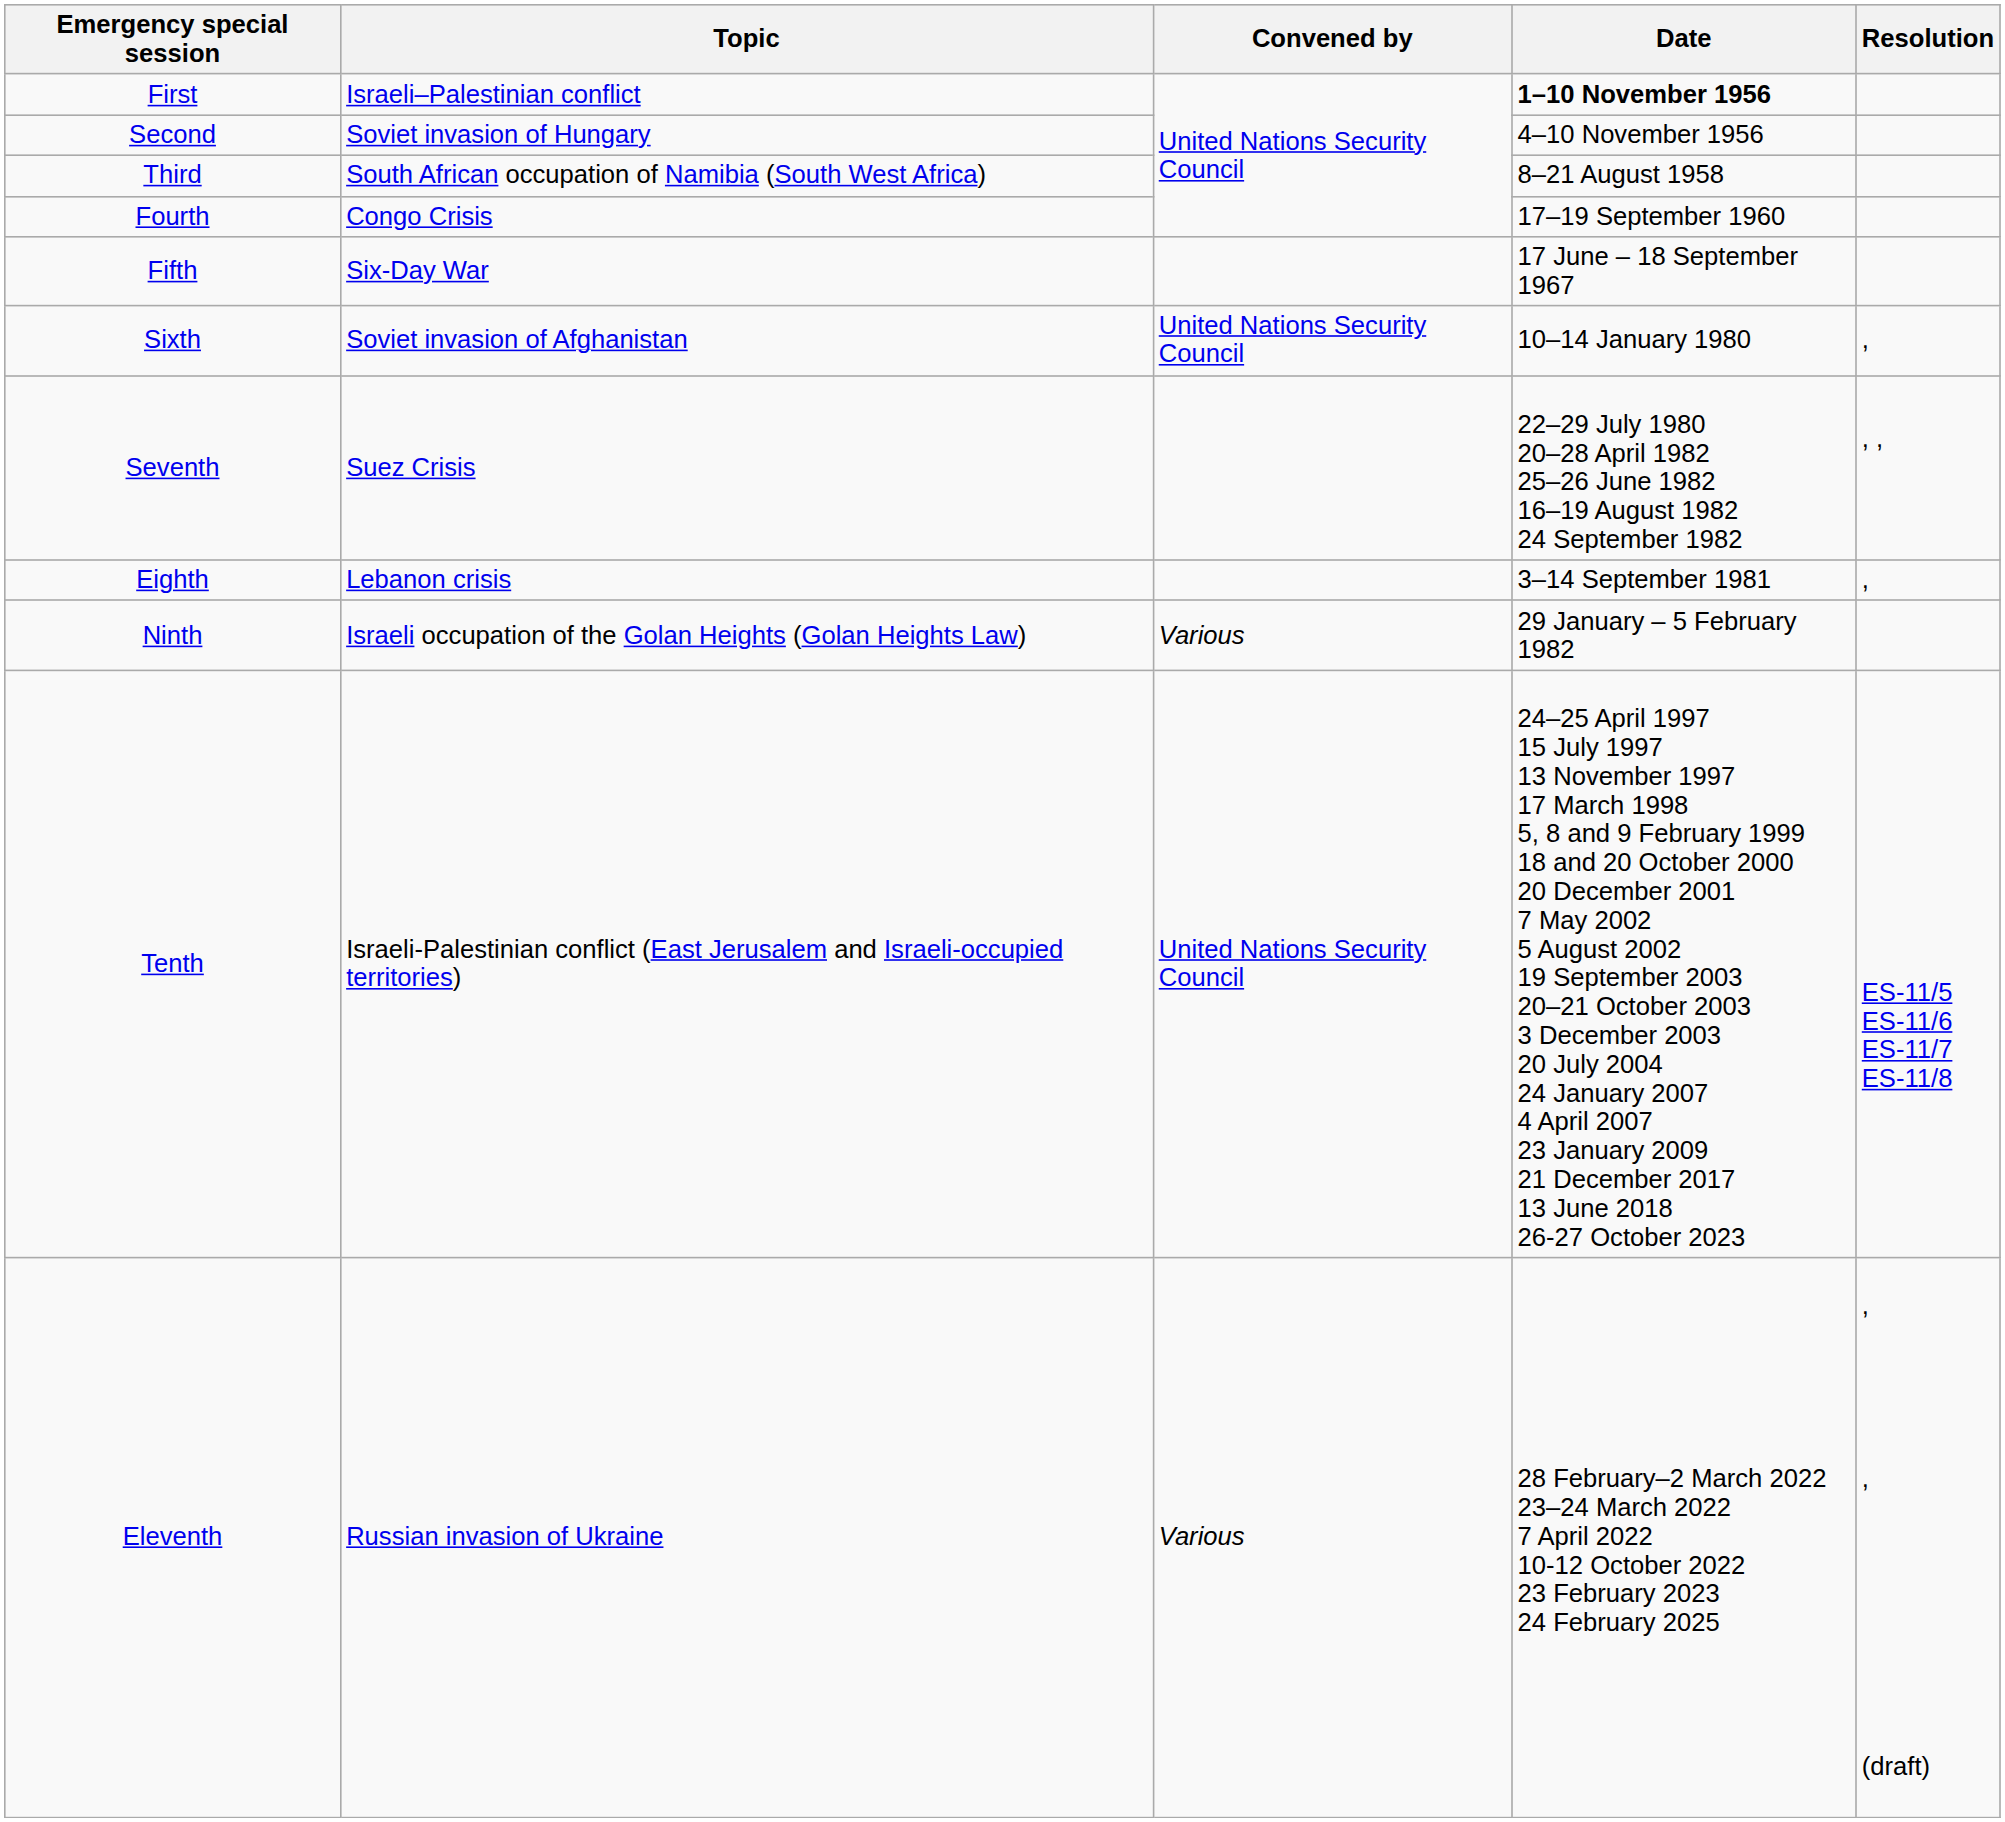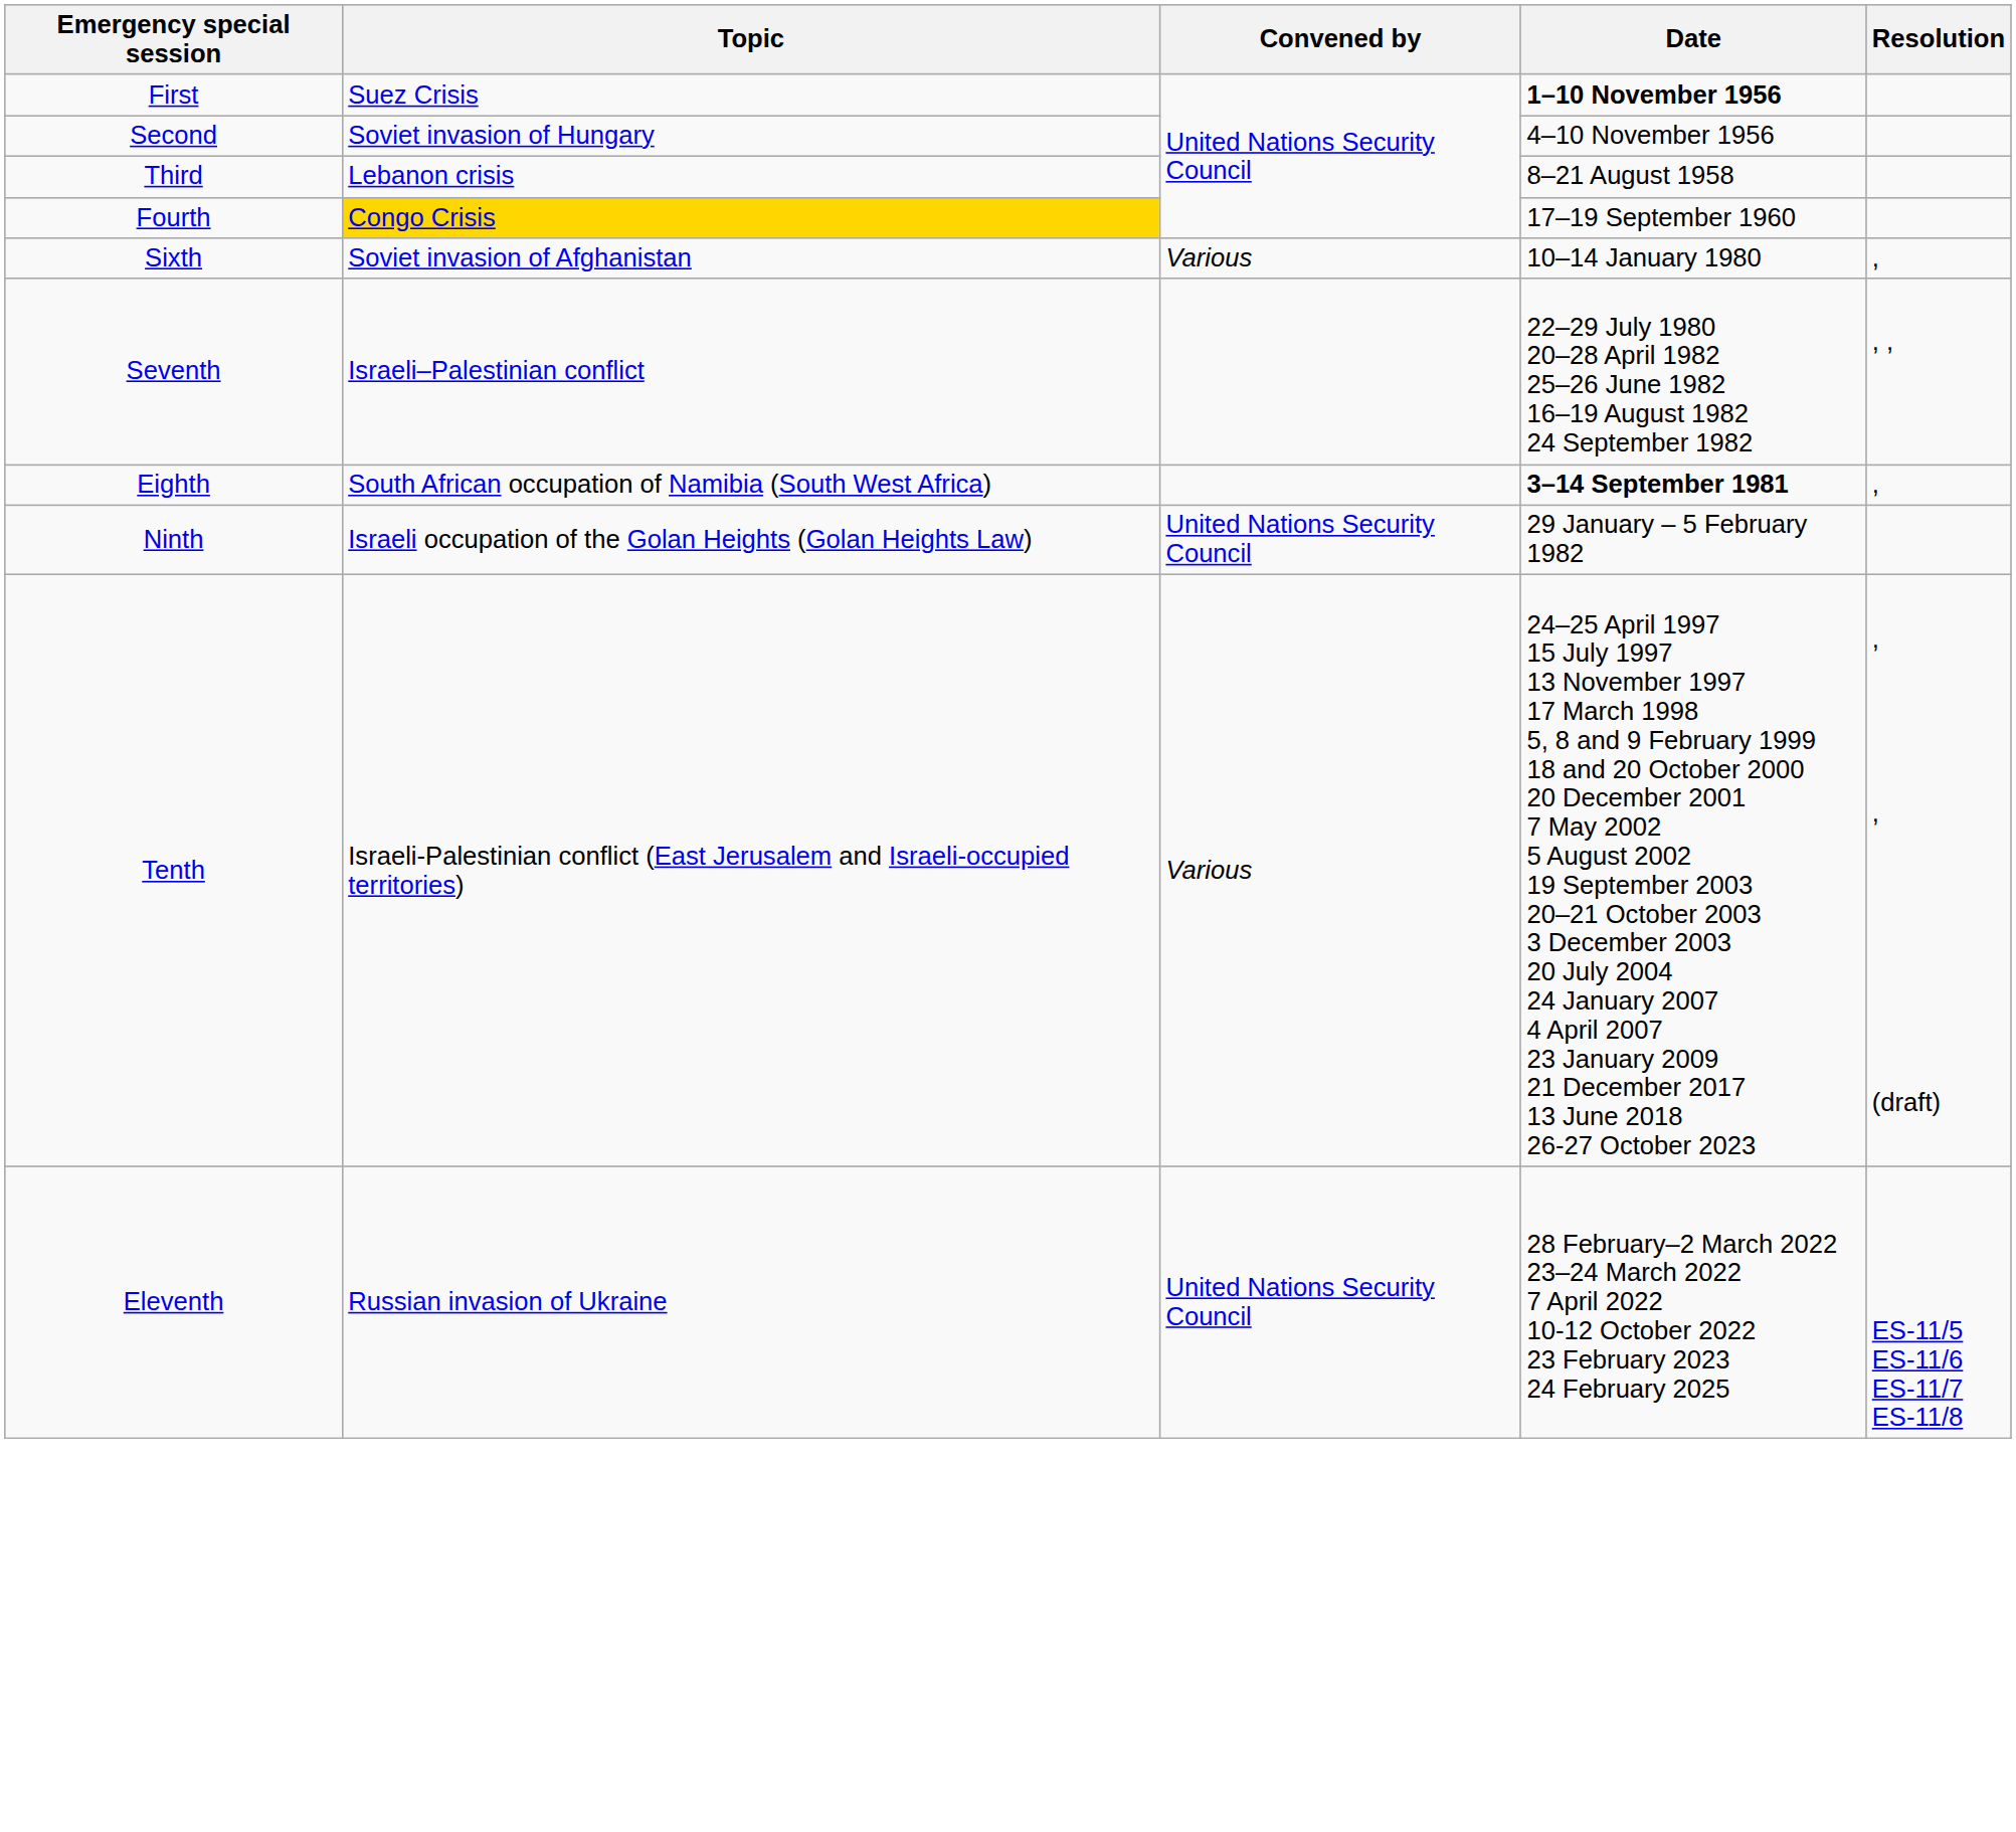 <table class="wikitable">
 <tr>
 <th align="center">Emergency special session</th>
 <th>Topic</th>
 <th>Convened by</th>
 <th>Date</th>
 <th>Resolution</th>
 </tr>
 <tr>
 <td align="center"><a href='#'>First</a></td>
-<td><a href='#'>Israeli–Palestinian conflict</a></td>
+<td><a href='#'>Suez Crisis</a></td>
 <td rowspan=4> <a href='#'>United Nations Security Council</a></td>
 <td><strong>1–10 November 1956</strong></td>
 <td></td>
 </tr>
 <tr>
 <td align="center"><a href='#'>Second</a></td>
 <td><a href='#'>Soviet invasion of Hungary</a></td>
 <td>4–10 November 1956</td>
 <td></td>
 </tr>
 <tr>
 <td align="center"><a href='#'>Third</a></td>
-<td><a href='#'>South African</a> occupation of <a href='#'>Namibia</a> (<a href='#'>South West Africa</a>)</td>
+<td><a href='#'>Lebanon crisis</a></td>
 <td>8–21 August 1958</td>
 <td></td>
 </tr>
 <tr>
 <td align="center"><a href='#'>Fourth</a></td>
-<td><a href='#'>Congo Crisis</a></td>
+<td style="background: gold;"><a href='#'>Congo Crisis</a></td>
 <td>17–19 September 1960</td>
-<td></td>
-</tr>
-<tr>
-<td align="center"><a href='#'>Fifth</a></td>
-<td><a href='#'>Six-Day War</a></td>
-<td></td>
-<td>17 June – 18 September 1967</td>
 <td></td>
 </tr>
 <tr>
 <td align="center"><a href='#'>Sixth</a></td>
 <td><a href='#'>Soviet invasion of Afghanistan</a></td>
-<td> <a href='#'>United Nations Security Council</a></td>
+<td><em>Various</em></td>
 <td>10–14 January 1980</td>
 <td>, </td>
 </tr>
 <tr>
 <td align="center"><a href='#'>Seventh</a></td>
-<td><a href='#'>Suez Crisis</a></td>
+<td><a href='#'>Israeli–Palestinian conflict</a></td>
 <td></td>
 <td><br>22–29 July 1980 <br>20–28 April 1982 <br>25–26 June 1982 <br>16–19 August 1982 <br>24 September 1982</td>
 <td><br>, ,  <br> <br> <br> <br></td>
 </tr>
 <tr>
 <td align="center"><a href='#'>Eighth</a></td>
-<td><a href='#'>Lebanon crisis</a></td>
+<td><a href='#'>South African</a> occupation of <a href='#'>Namibia</a> (<a href='#'>South West Africa</a>)</td>
 <td></td>
-<td>3–14 September 1981</td>
+<td><strong>3–14 September 1981</strong></td>
 <td>, </td>
 </tr>
 <tr>
 <td align="center"><a href='#'>Ninth</a></td>
 <td><a href='#'>Israeli</a> occupation of the <a href='#'>Golan Heights</a> (<a href='#'>Golan Heights Law</a>)</td>
-<td><em>Various</em></td>
+<td> <a href='#'>United Nations Security Council</a></td>
 <td>29 January – 5 February 1982</td>
 <td></td>
 </tr>
 <tr>
 <td align="center"><a href='#'>Tenth</a></td>
 <td>Israeli-Palestinian conflict (<a href='#'>East Jerusalem</a> and <a href='#'>Israeli-occupied territories</a>)</td>
-<td> <a href='#'>United Nations Security Council</a></td>
+<td><em>Various</em></td>
 <td><br>24–25 April 1997 <br>15 July 1997 <br>13 November 1997 <br>17 March 1998 <br>5, 8 and 9 February 1999 <br>18 and 20 October 2000 <br>20 December 2001 <br>7 May 2002 <br>5 August 2002 <br>19 September 2003 <br>20–21 October 2003 <br>3 December 2003 <br>20 July 2004 <br>24 January 2007 <br>4 April 2007 <br>23 January 2009 <br>21 December 2017 <br>13 June 2018 <br>26-27 October 2023</td>
-<td><br> <br> <br> <br> <br> <a href='#'>ES-11/5</a> <br>  <a href='#'>ES-11/6</a> <br>  <a href='#'>ES-11/7</a> <br>  <a href='#'>ES-11/8</a></td>
+<td><br>,  <br> <br> <br> <br> <br> <br>,  <br> <br> <br> <br> <br> <br> <br> <br> <br> <br>  (draft) <br><br></td>
 </tr>
 <tr>
 <td align="center"><a href='#'>Eleventh</a></td>
 <td><a href='#'>Russian invasion of Ukraine</a></td>
-<td><em>Various</em></td>
+<td> <a href='#'>United Nations Security Council</a></td>
 <td><br>28 February–2 March  2022 <br>23–24 March 2022 <br>7 April 2022 <br>10-12 October 2022 <br>23 February 2023 <br>24 February 2025</td>
-<td><br>,  <br> <br> <br> <br> <br> <br>,  <br> <br> <br> <br> <br> <br> <br> <br> <br> <br>  (draft) <br><br></td>
+<td><br> <br> <br> <br> <br> <a href='#'>ES-11/5</a> <br>  <a href='#'>ES-11/6</a> <br>  <a href='#'>ES-11/7</a> <br>  <a href='#'>ES-11/8</a></td>
 </tr>
 </table>
